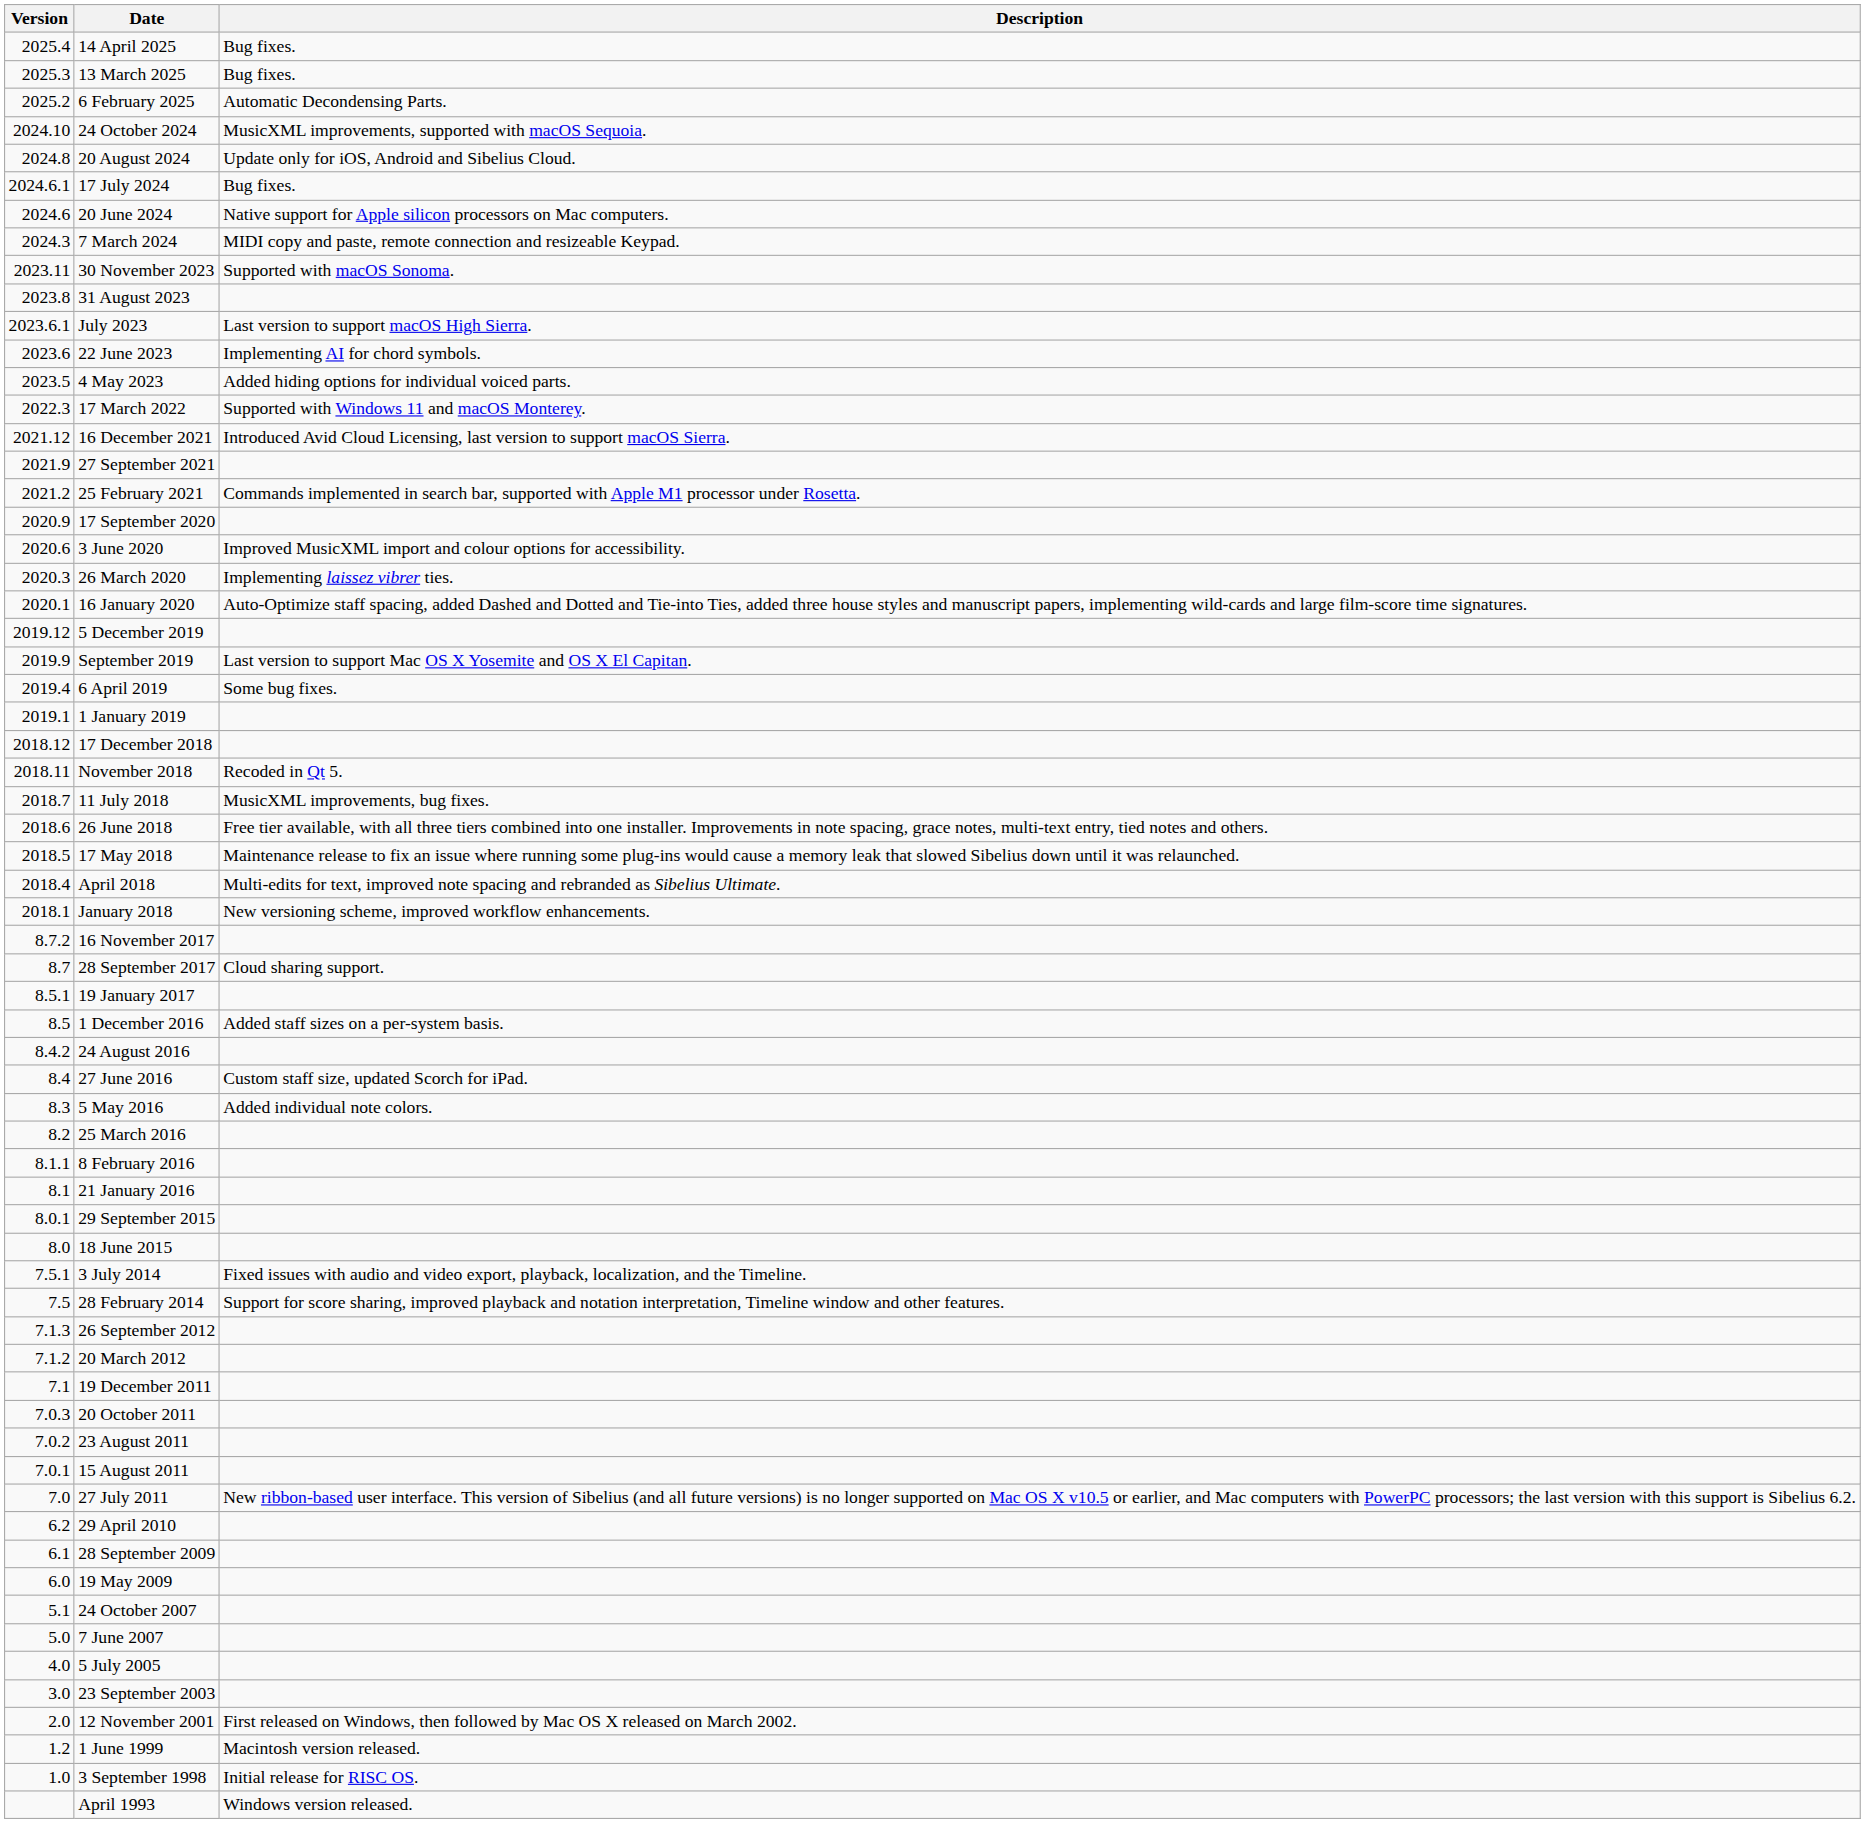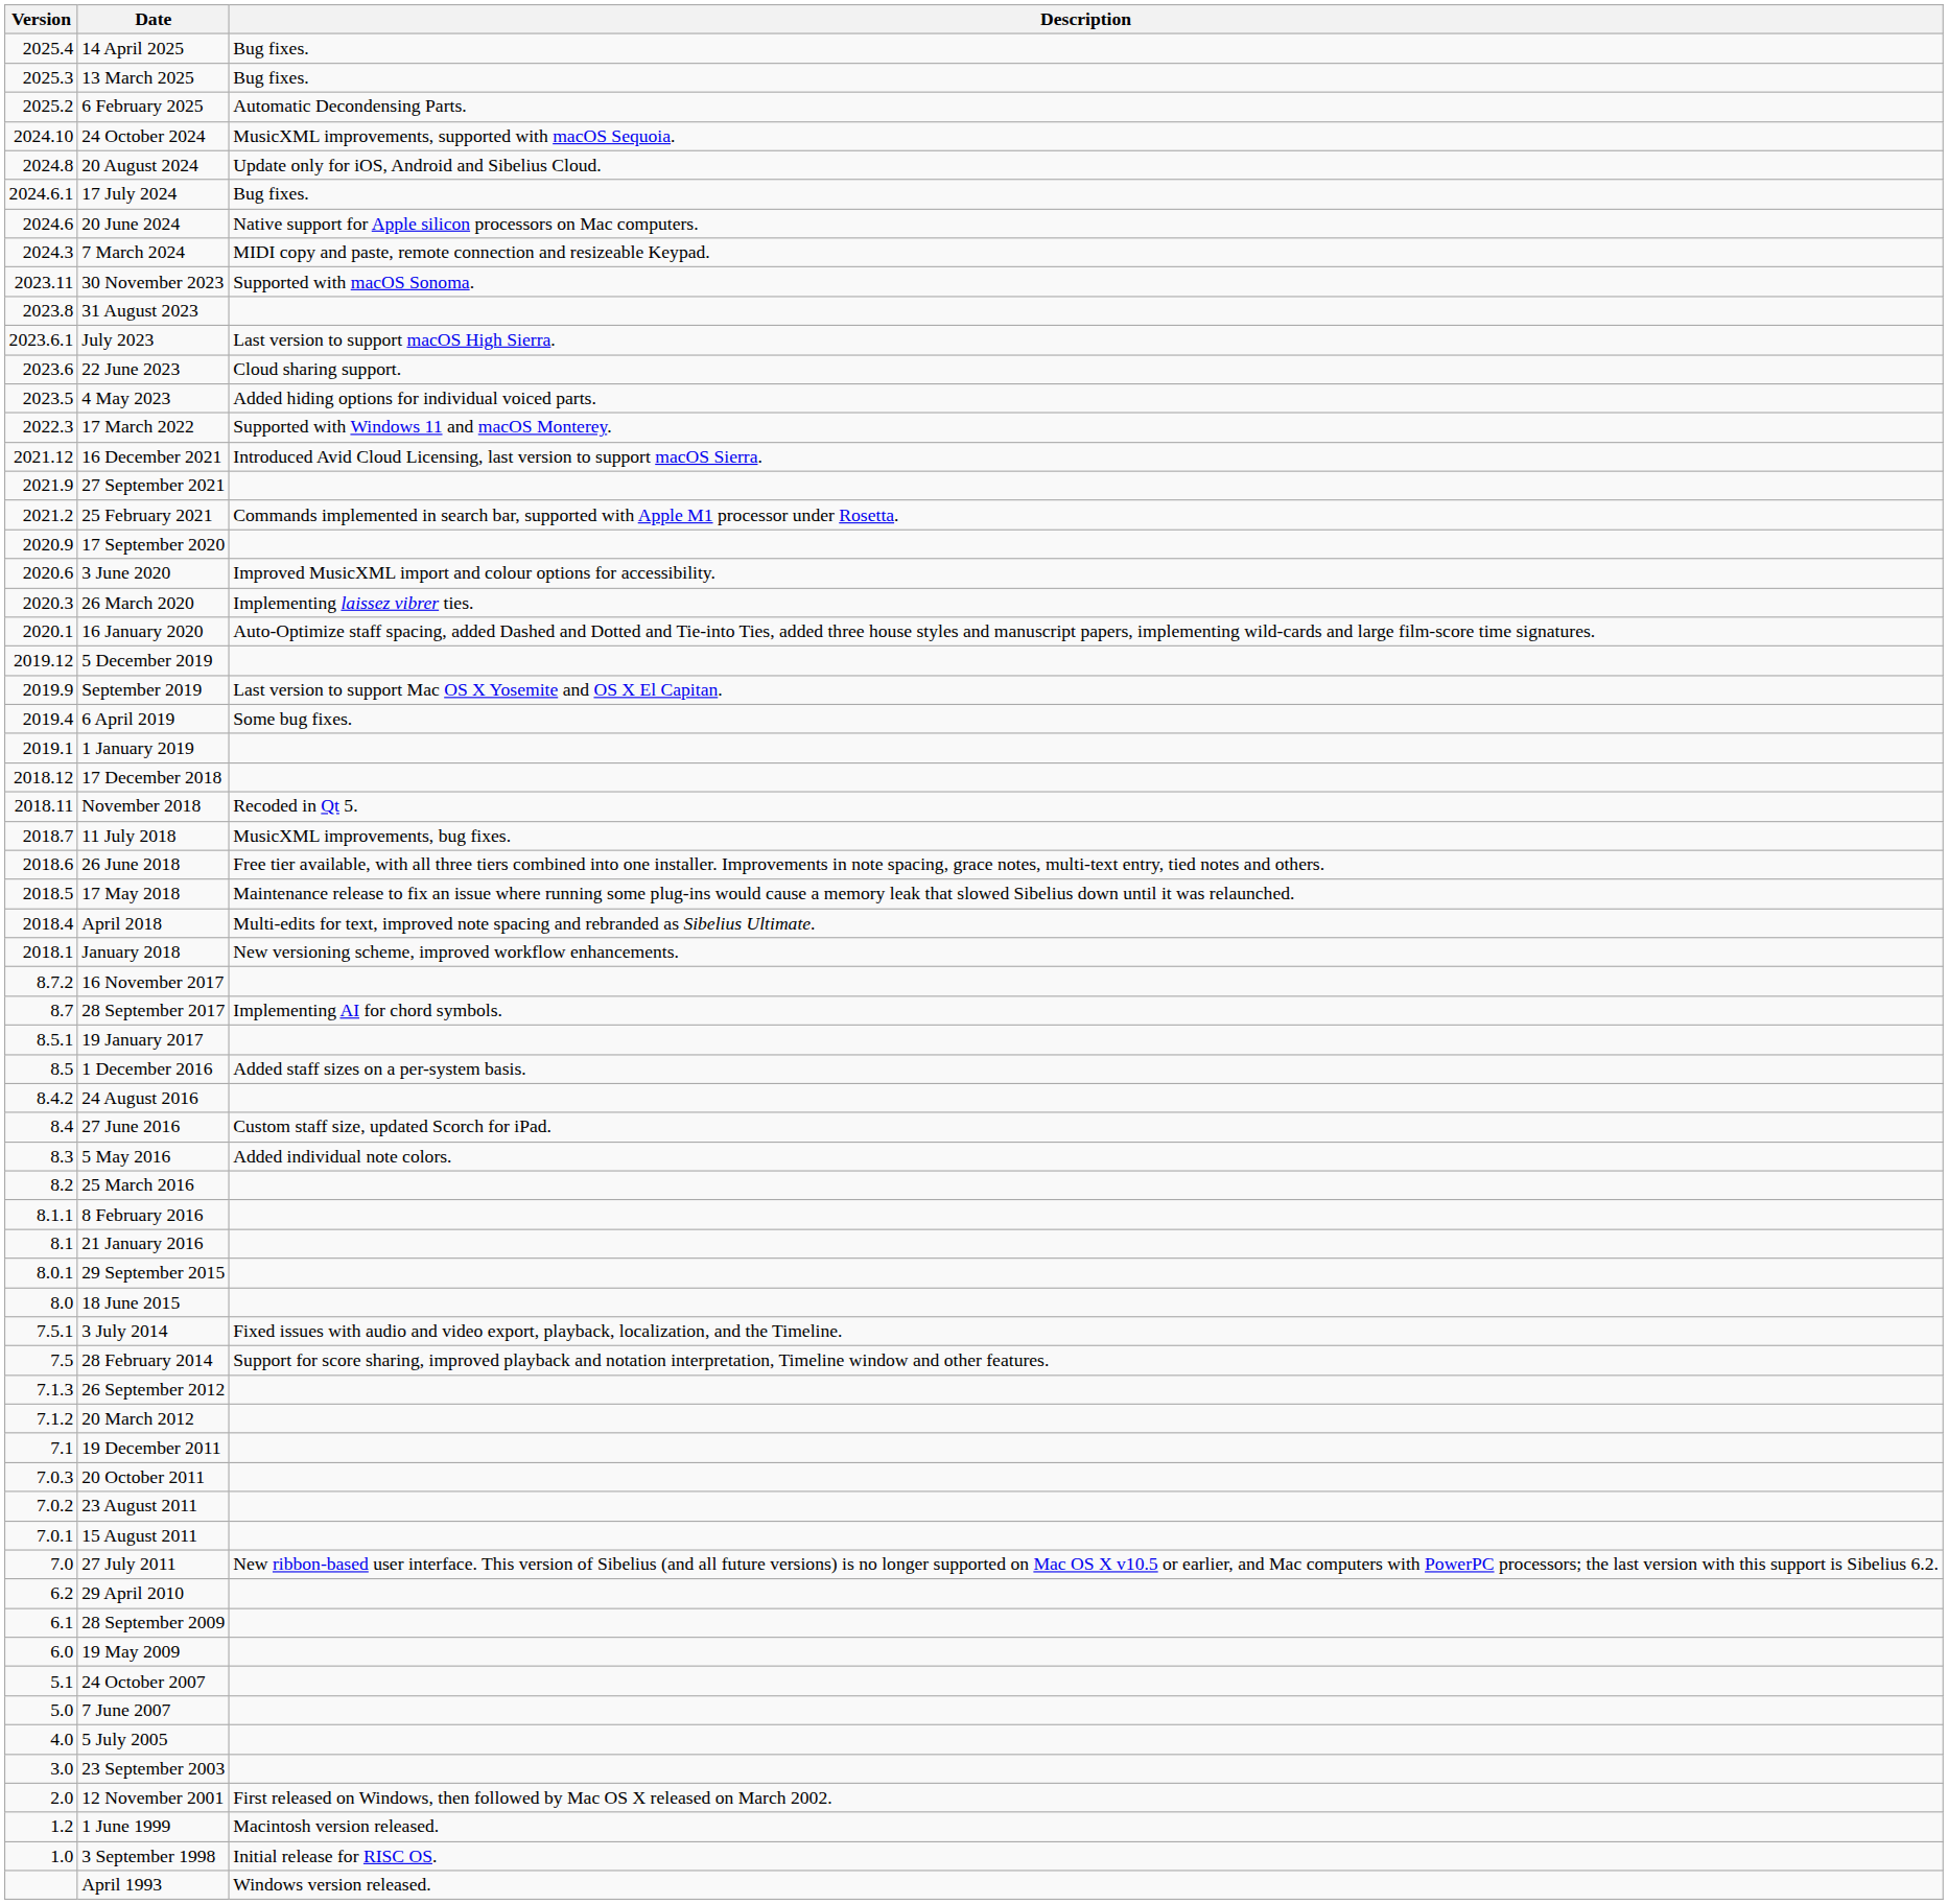 <table class="wikitable">
 <tr>
 <th>Version</th>
 <th>Date</th>
 <th>Description</th>
 </tr>
 <tr>
 <td style="text-align: right;">2025.4</td>
 <td>14 April 2025</td>
 <td>Bug fixes.</td>
 </tr>
 <tr>
 <td style="text-align: right;">2025.3</td>
 <td>13 March 2025</td>
 <td>Bug fixes.</td>
 </tr>
 <tr>
 <td style="text-align: right;">2025.2</td>
 <td>6 February 2025</td>
 <td>Automatic Decondensing Parts.</td>
 </tr>
 <tr>
 <td style="text-align: right;">2024.10</td>
 <td>24 October 2024</td>
 <td>MusicXML improvements, supported with <a href='#'>macOS Sequoia</a>.</td>
 </tr>
 <tr>
 <td style="text-align: right;">2024.8</td>
 <td>20 August 2024</td>
 <td>Update only for iOS, Android and Sibelius Cloud.</td>
 </tr>
 <tr>
 <td style="text-align: right;">2024.6.1</td>
 <td>17 July 2024</td>
 <td>Bug fixes.</td>
 </tr>
 <tr>
 <td style="text-align: right;">2024.6</td>
 <td>20 June 2024</td>
 <td>Native support for <a href='#'>Apple silicon</a> processors on Mac computers.</td>
 </tr>
 <tr>
 <td style="text-align: right;">2024.3</td>
 <td>7 March 2024</td>
 <td>MIDI copy and paste, remote connection and resizeable Keypad.</td>
 </tr>
 <tr>
 <td style="text-align: right;">2023.11</td>
 <td>30 November 2023</td>
 <td>Supported with <a href='#'>macOS Sonoma</a>.</td>
 </tr>
 <tr>
 <td style="text-align: right;">2023.8</td>
 <td>31 August 2023</td>
 <td></td>
 </tr>
 <tr>
 <td style="text-align: right;">2023.6.1</td>
 <td>July 2023</td>
 <td>Last version to support <a href='#'>macOS High Sierra</a>.</td>
 </tr>
 <tr>
 <td style="text-align: right;">2023.6</td>
 <td>22 June 2023</td>
-<td>Implementing <a href='#'>AI</a> for chord symbols.</td>
+<td>Cloud sharing support.</td>
 </tr>
 <tr>
 <td style="text-align: right;">2023.5</td>
 <td>4 May 2023</td>
 <td>Added hiding options for individual voiced parts.</td>
 </tr>
 <tr>
 <td style="text-align: right;">2022.3</td>
 <td>17 March 2022</td>
 <td>Supported with <a href='#'>Windows 11</a> and <a href='#'>macOS Monterey</a>.</td>
 </tr>
 <tr>
 <td style="text-align: right;">2021.12</td>
 <td>16 December 2021</td>
 <td>Introduced Avid Cloud Licensing, last version to support <a href='#'>macOS Sierra</a>.</td>
 </tr>
 <tr>
 <td style="text-align: right;">2021.9</td>
 <td>27 September 2021</td>
 <td></td>
 </tr>
 <tr>
 <td style="text-align: right;">2021.2</td>
 <td>25 February 2021</td>
 <td>Commands implemented in search bar, supported with <a href='#'>Apple M1</a> processor under <a href='#'>Rosetta</a>.</td>
 </tr>
 <tr>
 <td style="text-align: right;">2020.9</td>
 <td>17 September 2020</td>
 <td></td>
 </tr>
 <tr>
 <td style="text-align: right;">2020.6</td>
 <td>3 June 2020</td>
 <td>Improved MusicXML import and colour options for accessibility.</td>
 </tr>
 <tr>
 <td style="text-align: right;">2020.3</td>
 <td>26 March 2020</td>
 <td>Implementing <em><a href='#'>laissez vibrer</a></em> ties.</td>
 </tr>
 <tr>
 <td style="text-align: right;">2020.1</td>
 <td>16 January 2020</td>
 <td>Auto-Optimize staff spacing, added Dashed and Dotted and Tie-into Ties, added three house styles and manuscript papers, implementing wild-cards and large film-score time signatures.</td>
 </tr>
 <tr>
 <td style="text-align: right;">2019.12</td>
 <td>5 December 2019</td>
 <td></td>
 </tr>
 <tr>
 <td style="text-align: right;">2019.9</td>
 <td>September 2019</td>
 <td>Last version to support Mac <a href='#'>OS X Yosemite</a> and <a href='#'>OS X El Capitan</a>.</td>
 </tr>
 <tr>
 <td style="text-align: right;">2019.4</td>
 <td>6 April 2019</td>
 <td>Some bug fixes.</td>
 </tr>
 <tr>
 <td style="text-align: right;">2019.1</td>
 <td>1 January 2019</td>
 <td></td>
 </tr>
 <tr>
 <td style="text-align: right;">2018.12</td>
 <td>17 December 2018</td>
 <td></td>
 </tr>
 <tr>
 <td style="text-align: right;">2018.11</td>
 <td>November 2018</td>
 <td>Recoded in <a href='#'>Qt</a> 5.</td>
 </tr>
 <tr>
 <td style="text-align: right;">2018.7</td>
 <td>11 July 2018</td>
 <td>MusicXML improvements, bug fixes.</td>
 </tr>
 <tr>
 <td style="text-align: right;">2018.6</td>
 <td>26 June 2018</td>
 <td>Free tier available, with all three tiers combined into one installer. Improvements in note spacing, grace notes, multi-text entry, tied notes and others.</td>
 </tr>
 <tr>
 <td style="text-align: right;">2018.5</td>
 <td>17 May 2018</td>
 <td>Maintenance release to fix an issue where running some plug-ins would cause a memory leak that slowed Sibelius down until it was relaunched.</td>
 </tr>
 <tr>
 <td style="text-align: right;">2018.4</td>
 <td>April 2018</td>
 <td>Multi-edits for text, improved note spacing and rebranded as <em>Sibelius Ultimate</em>.</td>
 </tr>
 <tr>
 <td style="text-align: right;">2018.1</td>
 <td>January 2018</td>
 <td>New versioning scheme, improved workflow enhancements.</td>
 </tr>
 <tr>
 <td style="text-align: right;">8.7.2</td>
 <td>16 November 2017</td>
 <td></td>
 </tr>
 <tr>
 <td style="text-align: right;">8.7</td>
 <td>28 September 2017</td>
-<td>Cloud sharing support.</td>
+<td>Implementing <a href='#'>AI</a> for chord symbols.</td>
 </tr>
 <tr>
 <td style="text-align: right;">8.5.1</td>
 <td>19 January 2017</td>
 <td></td>
 </tr>
 <tr>
 <td style="text-align: right;">8.5</td>
 <td>1 December 2016</td>
 <td>Added staff sizes on a per-system basis.</td>
 </tr>
 <tr>
 <td style="text-align: right;">8.4.2</td>
 <td>24 August 2016</td>
 <td></td>
 </tr>
 <tr>
 <td style="text-align: right;">8.4</td>
 <td>27 June 2016</td>
 <td>Custom staff size, updated Scorch for iPad.</td>
 </tr>
 <tr>
 <td style="text-align: right;">8.3</td>
 <td>5 May 2016</td>
 <td>Added individual note colors.</td>
 </tr>
 <tr>
 <td style="text-align: right;">8.2</td>
 <td>25 March 2016</td>
 <td></td>
 </tr>
 <tr>
 <td style="text-align: right;">8.1.1</td>
 <td>8 February 2016</td>
 <td></td>
 </tr>
 <tr>
 <td style="text-align: right;">8.1</td>
 <td>21 January 2016</td>
 <td></td>
 </tr>
 <tr>
 <td style="text-align: right;">8.0.1</td>
 <td>29 September 2015</td>
 <td></td>
 </tr>
 <tr>
 <td style="text-align: right;">8.0</td>
 <td>18 June 2015</td>
 <td></td>
 </tr>
 <tr>
 <td style="text-align: right;">7.5.1</td>
 <td>3 July 2014</td>
 <td>Fixed issues with audio and video export, playback, localization, and the Timeline.</td>
 </tr>
 <tr>
 <td style="text-align: right;">7.5</td>
 <td>28 February 2014</td>
 <td>Support for score sharing, improved playback and notation interpretation, Timeline window and other features.</td>
 </tr>
 <tr>
 <td style="text-align: right;">7.1.3</td>
 <td>26 September 2012</td>
 <td></td>
 </tr>
 <tr>
 <td style="text-align: right;">7.1.2</td>
 <td>20 March 2012</td>
 <td></td>
 </tr>
 <tr>
 <td style="text-align: right;">7.1</td>
 <td>19 December 2011</td>
 <td></td>
 </tr>
 <tr>
 <td style="text-align: right;">7.0.3</td>
 <td>20 October 2011</td>
 <td></td>
 </tr>
 <tr>
 <td style="text-align: right;">7.0.2</td>
 <td>23 August 2011</td>
 <td></td>
 </tr>
 <tr>
 <td style="text-align: right;">7.0.1</td>
 <td>15 August 2011</td>
 <td></td>
 </tr>
 <tr>
 <td style="text-align: right;">7.0</td>
 <td>27 July 2011</td>
 <td>New <a href='#'>ribbon-based</a> user interface. This version of Sibelius (and all future versions) is no longer supported on <a href='#'>Mac OS X v10.5</a> or earlier, and Mac computers with <a href='#'>PowerPC</a> processors; the last version with this support is Sibelius 6.2.</td>
 </tr>
 <tr>
 <td style="text-align: right;">6.2</td>
 <td>29 April 2010</td>
 <td></td>
 </tr>
 <tr>
 <td style="text-align: right;">6.1</td>
 <td>28 September 2009</td>
 <td></td>
 </tr>
 <tr>
 <td style="text-align: right;">6.0</td>
 <td>19 May 2009</td>
 <td></td>
 </tr>
 <tr>
 <td style="text-align: right;">5.1</td>
 <td>24 October 2007</td>
 <td></td>
 </tr>
 <tr>
 <td style="text-align: right;">5.0</td>
 <td>7 June 2007</td>
 <td></td>
 </tr>
 <tr>
 <td style="text-align: right;">4.0</td>
 <td>5 July 2005</td>
 <td></td>
 </tr>
 <tr>
 <td style="text-align: right;">3.0</td>
 <td>23 September 2003</td>
 <td></td>
 </tr>
 <tr>
 <td style="text-align: right;">2.0</td>
 <td>12 November 2001</td>
 <td>First released on Windows, then followed by Mac OS X released on March 2002.</td>
 </tr>
 <tr>
 <td style="text-align: right;">1.2</td>
 <td>1 June 1999</td>
 <td>Macintosh version released.</td>
 </tr>
 <tr>
 <td style="text-align: right;">1.0</td>
 <td>3 September 1998</td>
 <td>Initial release for <a href='#'>RISC OS</a>.</td>
 </tr>
 <tr>
 <td style="text-align: right;"></td>
 <td>April 1993</td>
 <td>Windows version released.</td>
 </tr>
 </table>
